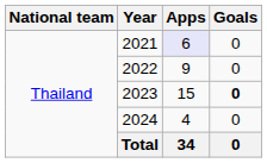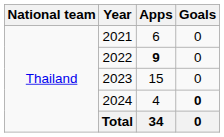 <table class="wikitable" style="text-align:center">
 <tr>
 <th>National team</th>
 <th>Year</th>
 <th>Apps</th>
 <th>Goals</th>
 </tr>
 <tr>
 <td rowspan="6" valign="center"><a href='#'>Thailand</a></td>
 <td>2021</td>
-<td style="background: lavender;">6</td>
+<td>6</td>
 <td>0</td>
 </tr>
 <tr>
 <td>2022</td>
-<td>9</td>
+<td><strong>9</strong></td>
 <td>0</td>
 </tr>
 <tr>
 <td>2023</td>
 <td>15</td>
-<td><strong>0</strong></td>
+<td>0</td>
 </tr>
 <tr>
 <td>2024</td>
 <td>4</td>
-<td>0</td>
+<td><strong>0</strong></td>
 </tr>
 <tr>
 <th>Total</th>
 <th>34</th>
 <th>0</th>
 </tr>
 </table>
